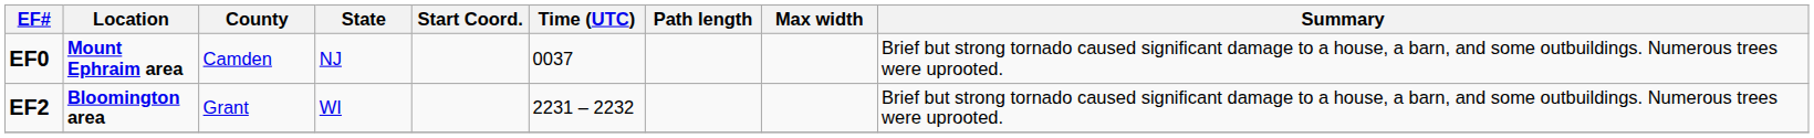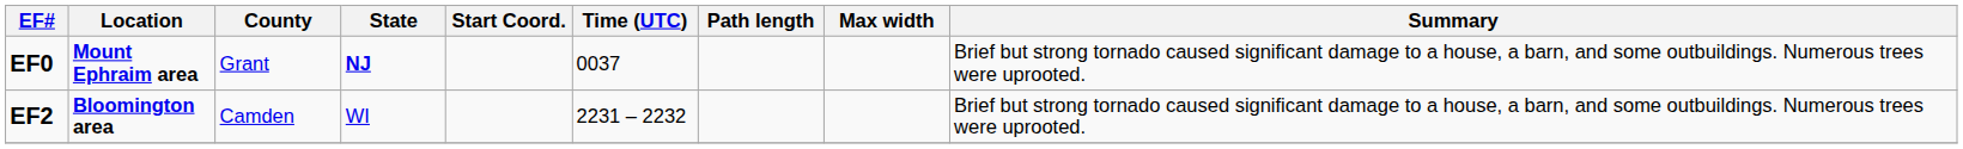 <table class="wikitable collapsible" width="100%">
 <tr>
 <th scope="col"  style="width:3%; text-align:center;"><a href='#'>EF#</a></th>
 <th scope="col"  style="width:7%; text-align:center;" class="unsortable">Location</th>
 <th scope="col"  style="width:6%; text-align:center;" class="unsortable">County</th>
 <th scope="col"  style="width:5%; text-align:center;">State</th>
 <th scope="col"  style="width:6%; text-align:center;">Start Coord.</th>
 <th scope="col"  style="width:6%; text-align:center;">Time (<a href='#'>UTC</a>)</th>
 <th scope="col"  style="width:6%; text-align:center;">Path length</th>
 <th scope="col"  style="width:6%; text-align:center;">Max width</th>
 <th scope="col" class="unsortable" style="width:48%; text-align:center;">Summary</th>
 </tr>
 <tr>
 <td><big><strong>EF0</strong></big></td>
 <td><strong><a href='#'>Mount Ephraim</a> area</strong></td>
-<td><a href='#'>Camden</a></td>
-<td><a href='#'>NJ</a></td>
+<td><a href='#'>Grant</a></td>
+<td><strong><a href='#'>NJ</a></strong></td>
 <td></td>
 <td>0037</td>
 <td></td>
 <td></td>
 <td>Brief but strong tornado caused significant damage to a house, a barn, and some outbuildings. Numerous trees were uprooted.</td>
 </tr>
 <tr>
 <td><big><strong>EF2</strong></big></td>
 <td><strong><a href='#'>Bloomington</a> area</strong></td>
-<td><a href='#'>Grant</a></td>
+<td><a href='#'>Camden</a></td>
 <td><a href='#'>WI</a></td>
 <td></td>
 <td>2231 – 2232</td>
 <td></td>
 <td></td>
 <td>Brief but strong tornado caused significant damage to a house, a barn, and some outbuildings. Numerous trees were uprooted.</td>
 </tr>
 <tr>
 </tr>
 </table>
